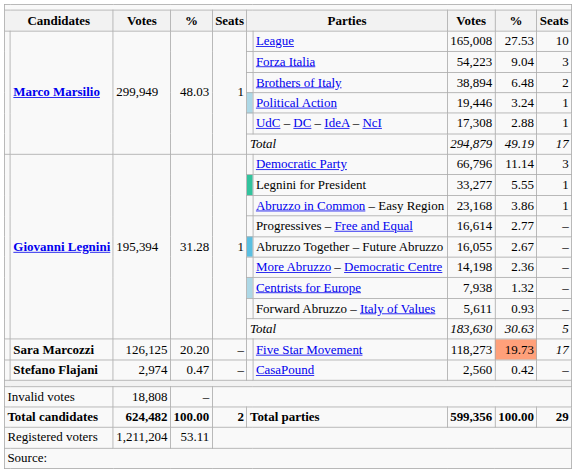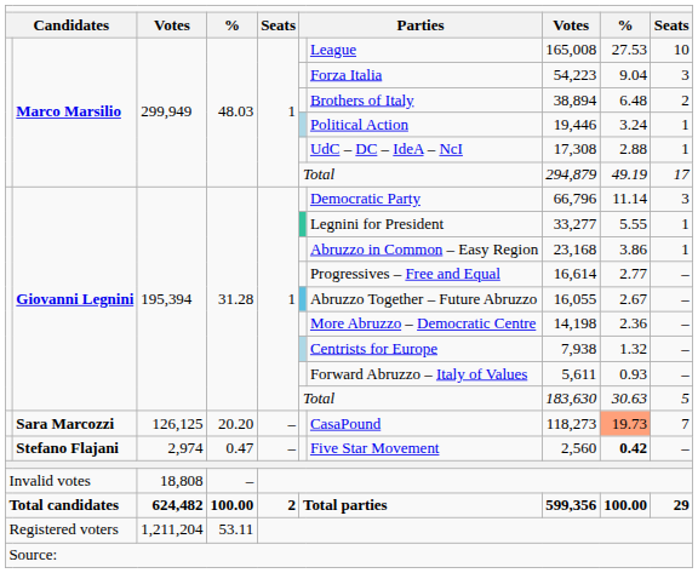 <table class="wikitable">
 <tr>
 <td colspan="10"></td>
 </tr>
 <tr>
 <th colspan="2">Candidates</th>
 <th>Votes</th>
 <th>%</th>
 <th>Seats</th>
 <th colspan="2">Parties</th>
 <th>Votes</th>
 <th>%</th>
 <th>Seats</th>
 </tr>
 <tr>
 <td rowspan="6"></td>
 <td rowspan="6"><strong><a href='#'>Marco Marsilio</a></strong></td>
 <td rowspan="6">299,949</td>
 <td rowspan="6" align=right>48.03</td>
 <td rowspan="6" align=right>1</td>
 <td></td>
 <td><a href='#'>League</a></td>
 <td align="right">165,008</td>
 <td align="right">27.53</td>
 <td align="right">10</td>
 </tr>
 <tr>
 <td></td>
 <td><a href='#'>Forza Italia</a></td>
 <td align="right">54,223</td>
 <td align="right">9.04</td>
 <td align="right">3</td>
 </tr>
 <tr>
 <td></td>
 <td><a href='#'>Brothers of Italy</a></td>
 <td align="right">38,894</td>
 <td align="right">6.48</td>
 <td align="right">2</td>
 </tr>
 <tr>
 <td bgcolor="lightblue"></td>
 <td><a href='#'>Political Action</a></td>
 <td align="right">19,446</td>
 <td align="right">3.24</td>
 <td align="right">1</td>
 </tr>
 <tr>
 <td></td>
 <td><a href='#'>UdC</a> – <a href='#'>DC</a> – <a href='#'>IdeA</a> – <a href='#'>NcI</a></td>
 <td align="right">17,308</td>
 <td align="right">2.88</td>
 <td align="right">1</td>
 </tr>
 <tr>
 <td colspan="2"><em>Total</em></td>
 <td align="right"><em>294,879</em></td>
 <td align="right"><em>49.19</em></td>
 <td align="right"><em>17</em></td>
 </tr>
 <tr>
 <td rowspan="9"></td>
 <td rowspan="9"><strong><a href='#'>Giovanni Legnini</a></strong></td>
 <td rowspan="9">195,394</td>
 <td rowspan="9" align=right>31.28</td>
 <td rowspan="9" align=right>1</td>
 <td></td>
 <td><a href='#'>Democratic Party</a></td>
 <td align="right">66,796</td>
 <td align="right">11.14</td>
 <td align="right">3</td>
 </tr>
 <tr>
 <td bgcolor="#32C39D"></td>
 <td>Legnini for President</td>
 <td align="right">33,277</td>
 <td align="right">5.55</td>
 <td align="right">1</td>
 </tr>
 <tr>
 <td style="background-color:"></td>
 <td><a href='#'>Abruzzo in Common</a> – Easy Region</td>
 <td align="right">23,168</td>
 <td align="right">3.86</td>
 <td align="right">1</td>
 </tr>
 <tr>
 <td></td>
 <td>Progressives – <a href='#'>Free and Equal</a></td>
 <td align="right">16,614</td>
 <td align="right">2.77</td>
 <td align="right">–</td>
 </tr>
 <tr>
 <td style="background-color:#5ABFE1"></td>
 <td>Abruzzo Together – Future Abruzzo</td>
 <td align="right">16,055</td>
 <td align="right">2.67</td>
 <td align="right">–</td>
 </tr>
 <tr>
 <td style="background-color:"></td>
 <td><a href='#'>More Abruzzo</a> – <a href='#'>Democratic Centre</a></td>
 <td align="right">14,198</td>
 <td align="right">2.36</td>
 <td align="right">–</td>
 </tr>
 <tr>
 <td style="background-color:lightblue"></td>
 <td><a href='#'>Centrists for Europe</a></td>
 <td align="right">7,938</td>
 <td align="right">1.32</td>
 <td align="right">–</td>
 </tr>
 <tr>
 <td style="background-color:"></td>
 <td>Forward Abruzzo – <a href='#'>Italy of Values</a></td>
 <td align="right">5,611</td>
 <td align="right">0.93</td>
 <td align="right">–</td>
 </tr>
 <tr>
 <td colspan="2"><em>Total</em></td>
 <td align="right"><em>183,630</em></td>
 <td align="right"><em>30.63</em></td>
 <td align="right"><em>5</em></td>
 </tr>
 <tr>
 <td></td>
 <td><strong>Sara Marcozzi</strong></td>
 <td align="right">126,125</td>
 <td align="right">20.20</td>
 <td align="right">–</td>
 <td></td>
-<td><a href='#'>Five Star Movement</a></td>
+<td><a href='#'>CasaPound</a></td>
 <td align="right">118,273</td>
 <td align="right" style="background: lightsalmon;">19.73</td>
-<td align="right"><em>17</em></td>
+<td align="right">7</td>
 </tr>
 <tr>
 <td></td>
 <td><strong>Stefano Flajani</strong></td>
 <td align="right">2,974</td>
 <td align="right">0.47</td>
 <td align="right">–</td>
 <td></td>
-<td><a href='#'>CasaPound</a></td>
+<td><a href='#'>Five Star Movement</a></td>
 <td align="right">2,560</td>
-<td align="right">0.42</td>
+<td align="right"><strong>0.42</strong></td>
 <td align="right">–</td>
 </tr>
 <tr>
 <th colspan="10"></th>
 </tr>
 <tr>
 <td colspan="2">Invalid votes</td>
 <td align=right>18,808</td>
 <td align=right>–</td>
 <td colspan="6"></td>
 </tr>
 <tr>
 <td colspan="2"><strong>Total candidates</strong></td>
 <td align="right"><strong>624,482</strong></td>
 <td align="right"><strong>100.00</strong></td>
 <td align="right"><strong>2</strong></td>
 <td colspan="2"><strong>Total parties</strong></td>
 <td align="right"><strong>599,356</strong></td>
 <td align="right"><strong>100.00</strong></td>
 <td align="right"><strong>29</strong></td>
 </tr>
 <tr>
 <td colspan="2">Registered voters</td>
 <td align="right">1,211,204</td>
 <td align="right">53.11</td>
 <td colspan=6></td>
 </tr>
 <tr>
 <td colspan="11">Source: </td>
 </tr>
 </table>
